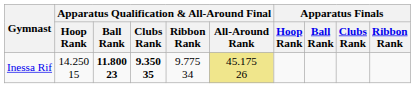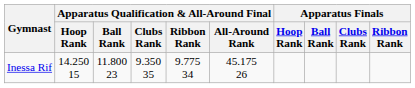 <table class="wikitable">
 <tr>
 <th rowspan=2>Gymnast</th>
 <th colspan=5>Apparatus Qualification & All-Around Final</th>
 <th colspan=4>Apparatus Finals</th>
 </tr>
 <tr>
 <th>Hoop<br>Rank</th>
 <th>Ball<br>Rank</th>
 <th>Clubs<br>Rank</th>
 <th>Ribbon<br>Rank</th>
 <th>All-Around<br>Rank</th>
 <th><a href='#'>Hoop</a><br>Rank</th>
 <th><a href='#'>Ball</a><br>Rank</th>
 <th><a href='#'>Clubs</a><br>Rank</th>
 <th><a href='#'>Ribbon</a><br>Rank</th>
 </tr>
 <tr align=center>
 <td align=left><a href='#'>Inessa Rif</a></td>
 <td>14.250<br>15</td>
-<td><strong>11.800<br>23</strong></td>
-<td><strong>9.350<br>35</strong></td>
+<td>11.800<br>23</td>
+<td>9.350<br>35</td>
 <td>9.775<br>34</td>
-<td style="background: khaki;">45.175<br>26</td>
+<td>45.175<br>26</td>
 <td></td>
 <td></td>
 <td></td>
 <td></td>
 </tr>
 </table>
